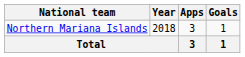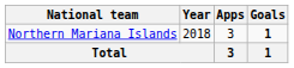 <table class="wikitable" style="text-align:center">
 <tr>
 <th>National team</th>
 <th>Year</th>
 <th>Apps</th>
 <th>Goals</th>
 </tr>
 <tr>
 <td rowspan="1"><a href='#'>Northern Mariana Islands</a></td>
 <td>2018</td>
 <td>3</td>
-<td>1</td>
+<td><strong>1</strong></td>
 </tr>
 <tr>
 <th colspan=2>Total</th>
 <th>3</th>
 <th>1</th>
 </tr>
 </table>
